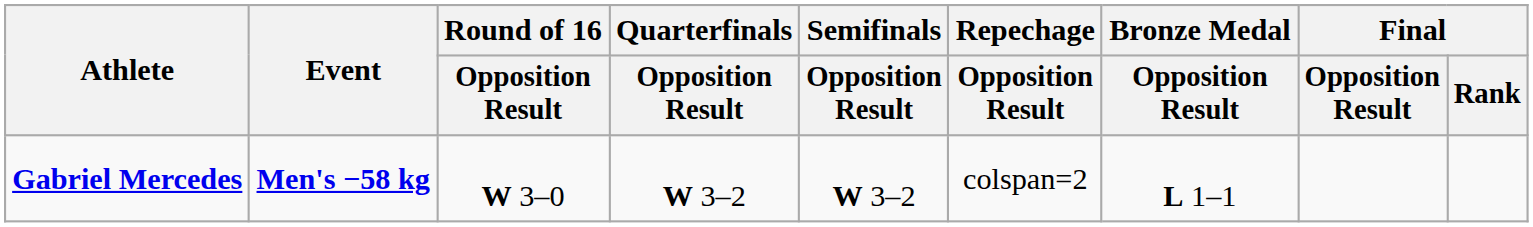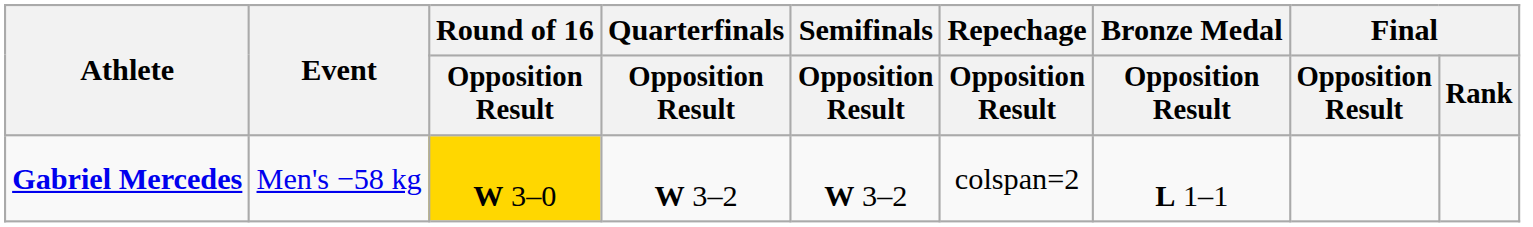 <table class="wikitable" style="font-size:90%">
 <tr>
 <th rowspan="2">Athlete</th>
 <th rowspan="2">Event</th>
 <th>Round of 16</th>
 <th>Quarterfinals</th>
 <th>Semifinals</th>
 <th>Repechage</th>
 <th>Bronze Medal</th>
 <th colspan=2>Final</th>
 </tr>
 <tr style="font-size:95%">
 <th>Opposition<br>Result</th>
 <th>Opposition<br>Result</th>
 <th>Opposition<br>Result</th>
 <th>Opposition<br>Result</th>
 <th>Opposition<br>Result</th>
 <th>Opposition<br>Result</th>
 <th>Rank</th>
 </tr>
 <tr align=center>
 <td align=left><strong><a href='#'>Gabriel Mercedes</a></strong></td>
-<td align=left><strong><a href='#'>Men's −58 kg</a></strong></td>
-<td><br><strong>W</strong> 3–0</td>
+<td align=left><a href='#'>Men's −58 kg</a></td>
+<td style="background: gold;"><br><strong>W</strong> 3–0</td>
 <td><br><strong>W</strong> 3–2</td>
 <td><br><strong>W</strong> 3–2</td>
 <td>colspan=2 </td>
 <td><br><strong>L</strong> 1–1 </td>
 <td></td>
 </tr>
 </table>
